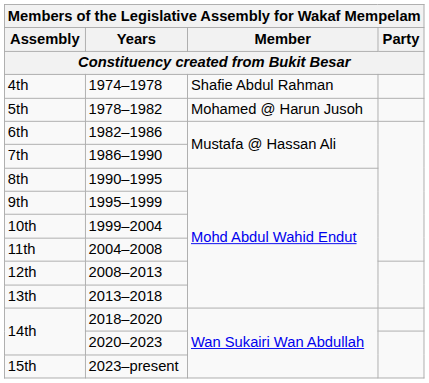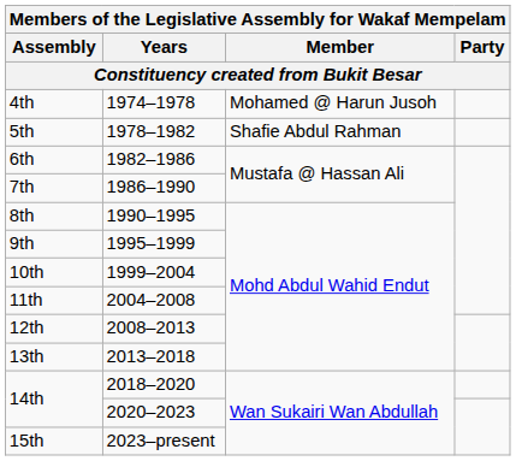 <table class=wikitable>
 <tr>
 <th colspan=4>Members of the Legislative Assembly for Wakaf Mempelam</th>
 </tr>
 <tr>
 <th>Assembly</th>
 <th>Years</th>
 <th>Member</th>
 <th>Party</th>
 </tr>
 <tr>
 <th colspan=4 align=center><em>Constituency created from Bukit Besar</em></th>
 </tr>
 <tr>
 <td>4th</td>
 <td>1974–1978</td>
-<td>Shafie Abdul Rahman</td>
+<td>Mohamed @ Harun Jusoh</td>
 <td></td>
 </tr>
 <tr>
 <td>5th</td>
 <td>1978–1982</td>
-<td>Mohamed @ Harun Jusoh</td>
+<td>Shafie Abdul Rahman</td>
 <td></td>
 </tr>
 <tr>
 <td>6th</td>
 <td>1982–1986</td>
 <td rowspan=2>Mustafa @ Hassan Ali</td>
 <td rowspan=6></td>
 </tr>
 <tr>
 <td>7th</td>
 <td>1986–1990</td>
 </tr>
 <tr>
 <td>8th</td>
 <td>1990–1995</td>
 <td rowspan=6><a href='#'>Mohd Abdul Wahid Endut</a></td>
 </tr>
 <tr>
 <td>9th</td>
 <td>1995–1999</td>
 </tr>
 <tr>
 <td>10th</td>
 <td>1999–2004</td>
 </tr>
 <tr>
 <td>11th</td>
 <td>2004–2008</td>
 </tr>
 <tr>
 <td>12th</td>
 <td>2008–2013</td>
 <td rowspan=2></td>
 </tr>
 <tr>
 <td>13th</td>
 <td>2013–2018</td>
 </tr>
 <tr>
 <td rowspan=2>14th</td>
 <td>2018–2020</td>
 <td rowspan="3"><a href='#'>Wan Sukairi Wan Abdullah</a></td>
 <td></td>
 </tr>
 <tr>
 <td>2020–2023</td>
 <td rowspan="2"></td>
 </tr>
 <tr>
 <td>15th</td>
 <td>2023–present</td>
 </tr>
 </table>
